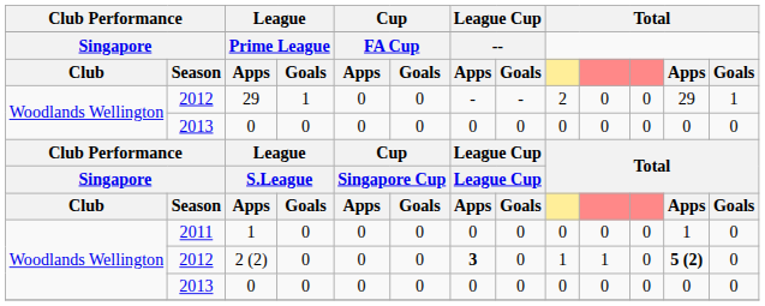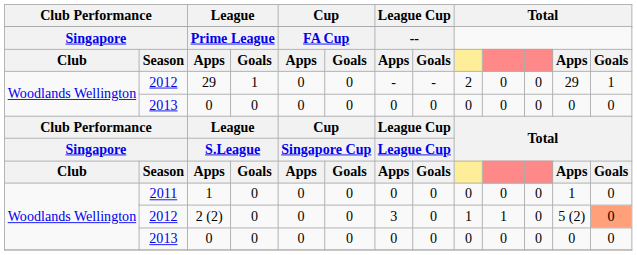 <table class="wikitable" style="text-align:center;">
 <tr>
 <th colspan="2">Club Performance</th>
 <th colspan="2">League</th>
 <th colspan="2">Cup</th>
 <th colspan="2">League Cup</th>
 <th colspan="5" rowspan="2">Total</th>
 </tr>
 <tr>
 </tr>
 <tr>
 <th colspan="2"><a href='#'>Singapore</a></th>
 <th colspan="2"><a href='#'>Prime League</a></th>
 <th colspan="2"><a href='#'>FA Cup</a></th>
 <th colspan="2">--</th>
 </tr>
 <tr>
 <th>Club</th>
 <th>Season</th>
 <th>Apps</th>
 <th>Goals</th>
 <th>Apps</th>
 <th>Goals</th>
 <th>Apps</th>
 <th>Goals</th>
 <th style="width:25px; background:#fe9;"></th>
 <th style="width:40px; background:#ff8888;"></th>
 <th style="width:25px; background:#ff8888;"></th>
 <th>Apps</th>
 <th>Goals</th>
 </tr>
 <tr>
 <td rowspan="2"><a href='#'>Woodlands Wellington</a></td>
 <td><a href='#'>2012</a></td>
 <td>29</td>
 <td>1</td>
 <td>0</td>
 <td>0</td>
 <td>-</td>
 <td>-</td>
 <td>2</td>
 <td>0</td>
 <td>0</td>
 <td>29</td>
 <td>1</td>
 </tr>
 <tr>
 <td><a href='#'>2013</a></td>
 <td>0</td>
 <td>0</td>
 <td>0</td>
 <td>0</td>
 <td>0</td>
 <td>0</td>
 <td>0</td>
 <td>0</td>
 <td>0</td>
 <td>0</td>
 <td>0</td>
 </tr>
 <tr>
 <th colspan="2">Club Performance</th>
 <th colspan="2">League</th>
 <th colspan="2">Cup</th>
 <th colspan="2">League Cup</th>
 <th colspan="5" rowspan="2">Total</th>
 </tr>
 <tr>
 <th colspan="2"><a href='#'>Singapore</a></th>
 <th colspan="2"><a href='#'>S.League</a></th>
 <th colspan="2"><a href='#'>Singapore Cup</a></th>
 <th colspan="2"><a href='#'>League Cup</a></th>
 </tr>
 <tr>
 <th>Club</th>
 <th>Season</th>
 <th>Apps</th>
 <th>Goals</th>
 <th>Apps</th>
 <th>Goals</th>
 <th>Apps</th>
 <th>Goals</th>
 <th style="width:25px; background:#fe9;"></th>
 <th style="width:40px; background:#ff8888;"></th>
 <th style="width:25px; background:#ff8888;"></th>
 <th>Apps</th>
 <th>Goals</th>
 </tr>
 <tr>
 <td rowspan="3"><a href='#'>Woodlands Wellington</a></td>
 <td><a href='#'>2011</a></td>
 <td>1</td>
 <td>0</td>
 <td>0</td>
 <td>0</td>
 <td>0</td>
 <td>0</td>
 <td>0</td>
 <td>0</td>
 <td>0</td>
 <td>1</td>
 <td>0</td>
 </tr>
 <tr>
 <td><a href='#'>2012</a></td>
 <td>2 (2)</td>
 <td>0</td>
 <td>0</td>
 <td>0</td>
-<td><strong>3</strong></td>
+<td>3</td>
 <td>0</td>
 <td>1</td>
 <td>1</td>
 <td>0</td>
-<td><strong>5 (2)</strong></td>
-<td>0</td>
+<td>5 (2)</td>
+<td style="background: lightsalmon;">0</td>
 </tr>
 <tr>
 <td><a href='#'>2013</a></td>
 <td>0</td>
 <td>0</td>
 <td>0</td>
 <td>0</td>
 <td>0</td>
 <td>0</td>
 <td>0</td>
 <td>0</td>
 <td>0</td>
 <td>0</td>
 <td>0</td>
 </tr>
 <tr>
 </tr>
 </table>
